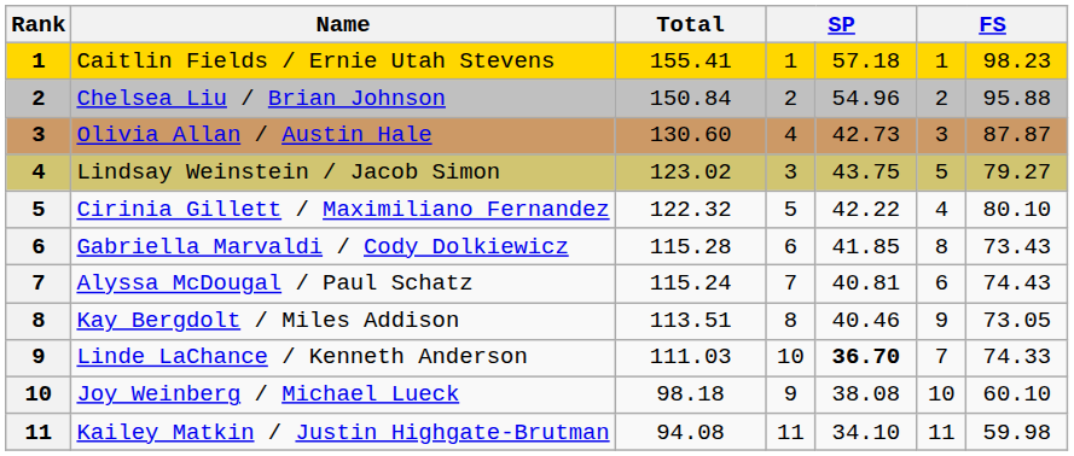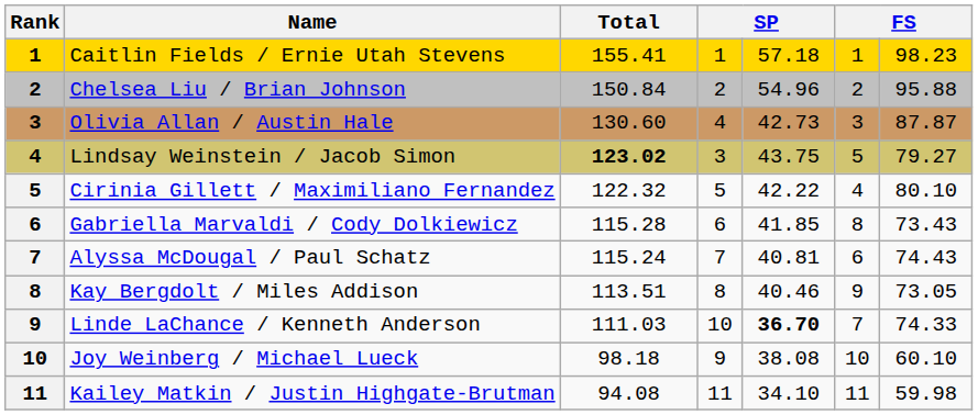 <table class="wikitable sortable">
 <tr>
 <th>Rank</th>
 <th>Name</th>
 <th width="80px">Total</th>
 <th colspan="2" width="80px"><a href='#'>SP</a></th>
 <th colspan="2" width="80px"><a href='#'>FS</a></th>
 </tr>
 <tr bgcolor="gold">
 <td align="center"><strong>1</strong></td>
 <td>Caitlin Fields / Ernie Utah Stevens</td>
 <td align="center">155.41</td>
 <td align="center">1</td>
 <td align="center">57.18</td>
 <td align="center">1</td>
 <td align="center">98.23</td>
 </tr>
 <tr bgcolor="silver">
 <td align="center"><strong>2</strong></td>
 <td><a href='#'>Chelsea Liu</a> / <a href='#'>Brian Johnson</a></td>
 <td align="center">150.84</td>
 <td align="center">2</td>
 <td align="center">54.96</td>
 <td align="center">2</td>
 <td align="center">95.88</td>
 </tr>
 <tr bgcolor="cc9966">
 <td align="center"><strong>3</strong></td>
 <td><a href='#'>Olivia Allan</a> / <a href='#'>Austin Hale</a></td>
 <td align="center">130.60</td>
 <td align="center">4</td>
 <td align="center">42.73</td>
 <td align="center">3</td>
 <td align="center">87.87</td>
 </tr>
 <tr bgcolor="#d1c571">
 <td align="center"><strong>4</strong></td>
 <td>Lindsay Weinstein / Jacob Simon</td>
-<td align="center">123.02</td>
+<td align="center"><strong>123.02</strong></td>
 <td align="center">3</td>
 <td align="center">43.75</td>
 <td align="center">5</td>
 <td align="center">79.27</td>
 </tr>
 <tr>
 <th>5</th>
 <td><a href='#'>Cirinia Gillett</a> / <a href='#'>Maximiliano Fernandez</a></td>
 <td align="center">122.32</td>
 <td align="center">5</td>
 <td align="center">42.22</td>
 <td align="center">4</td>
 <td align="center">80.10</td>
 </tr>
 <tr>
 <th>6</th>
 <td><a href='#'>Gabriella Marvaldi</a> / <a href='#'>Cody Dolkiewicz</a></td>
 <td align="center">115.28</td>
 <td align="center">6</td>
 <td align="center">41.85</td>
 <td align="center">8</td>
 <td align="center">73.43</td>
 </tr>
 <tr>
 <th>7</th>
 <td><a href='#'>Alyssa McDougal</a> / Paul Schatz</td>
 <td align="center">115.24</td>
 <td align="center">7</td>
 <td align="center">40.81</td>
 <td align="center">6</td>
 <td align="center">74.43</td>
 </tr>
 <tr>
 <th>8</th>
 <td><a href='#'>Kay Bergdolt</a> / Miles Addison</td>
 <td align="center">113.51</td>
 <td align="center">8</td>
 <td align="center">40.46</td>
 <td align="center">9</td>
 <td align="center">73.05</td>
 </tr>
 <tr>
 <th>9</th>
 <td><a href='#'>Linde LaChance</a> / Kenneth Anderson</td>
 <td align="center">111.03</td>
 <td align="center">10</td>
 <td align="center"><strong>36.70</strong></td>
 <td align="center">7</td>
 <td align="center">74.33</td>
 </tr>
 <tr>
 <th>10</th>
 <td><a href='#'>Joy Weinberg</a> / <a href='#'>Michael Lueck</a></td>
 <td align="center">98.18</td>
 <td align="center">9</td>
 <td align="center">38.08</td>
 <td align="center">10</td>
 <td align="center">60.10</td>
 </tr>
 <tr>
 <th>11</th>
 <td><a href='#'>Kailey Matkin</a> / <a href='#'>Justin Highgate-Brutman</a></td>
 <td align="center">94.08</td>
 <td align="center">11</td>
 <td align="center">34.10</td>
 <td align="center">11</td>
 <td align="center">59.98</td>
 </tr>
 </table>
